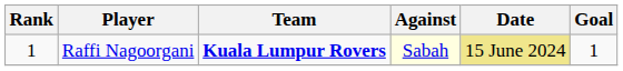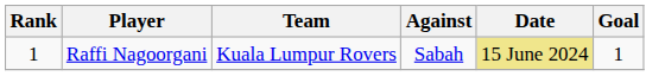 <table class="wikitable" style="text-align:center">
 <tr>
 <th>Rank</th>
 <th>Player</th>
 <th>Team</th>
 <th>Against</th>
 <th>Date</th>
 <th>Goal</th>
 </tr>
 <tr>
 <td>1</td>
 <td> <a href='#'>Raffi Nagoorgani</a></td>
-<td><strong><a href='#'>Kuala Lumpur Rovers</a></strong></td>
-<td style="background: lightyellow;"><a href='#'>Sabah</a></td>
+<td><a href='#'>Kuala Lumpur Rovers</a></td>
+<td><a href='#'>Sabah</a></td>
 <td style="background: khaki;">15 June 2024</td>
 <td>1</td>
 </tr>
 <tr>
 </tr>
 </table>
